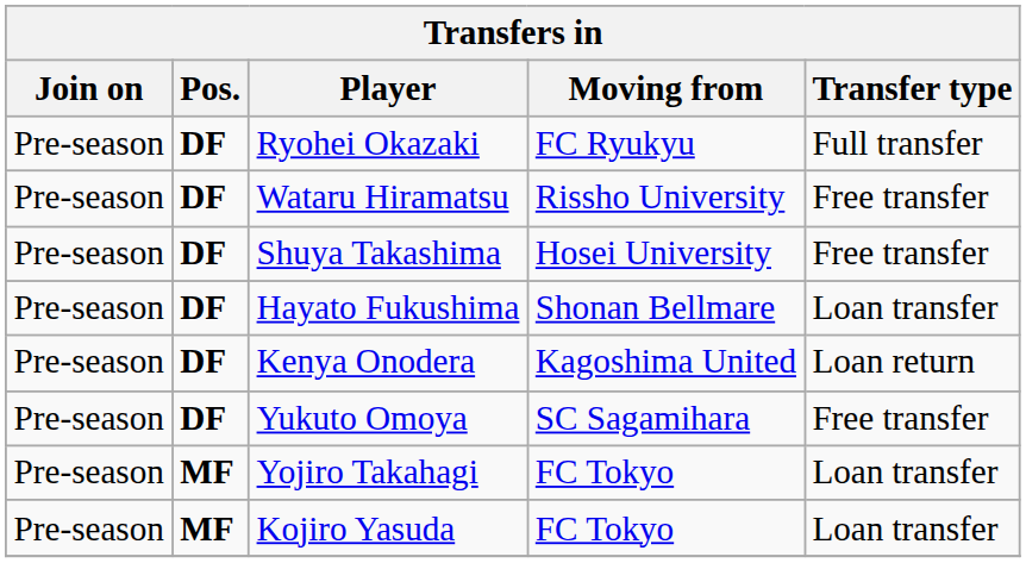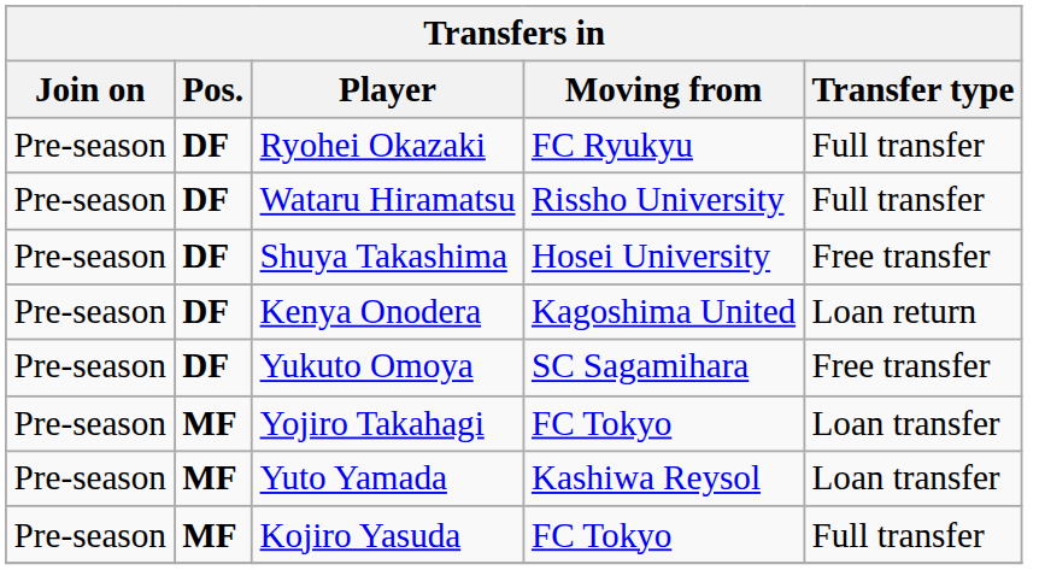 <table class="wikitable sortable" style=“text-align:left;>
 <tr>
 <th colspan="5">Transfers in</th>
 </tr>
 <tr>
 <th>Join on</th>
 <th>Pos.</th>
 <th>Player</th>
 <th>Moving from</th>
 <th>Transfer type</th>
 </tr>
 <tr>
 <td>Pre-season</td>
 <td><strong>DF</strong></td>
 <td> <a href='#'>Ryohei Okazaki</a></td>
 <td> <a href='#'>FC Ryukyu</a></td>
 <td>Full transfer</td>
 </tr>
 <tr>
 <td>Pre-season</td>
 <td><strong>DF</strong></td>
 <td> <a href='#'>Wataru Hiramatsu</a></td>
 <td> <a href='#'>Rissho University</a></td>
-<td>Free transfer</td>
+<td>Full transfer</td>
 </tr>
 <tr>
 <td>Pre-season</td>
 <td><strong>DF</strong></td>
 <td> <a href='#'>Shuya Takashima</a></td>
 <td> <a href='#'>Hosei University</a></td>
 <td>Free transfer</td>
-</tr>
-<tr>
-<td>Pre-season</td>
-<td><strong>DF</strong></td>
-<td> <a href='#'>Hayato Fukushima</a></td>
-<td> <a href='#'>Shonan Bellmare</a></td>
-<td>Loan transfer</td>
 </tr>
 <tr>
 <td>Pre-season</td>
 <td><strong>DF</strong></td>
 <td> <a href='#'>Kenya Onodera</a></td>
 <td> <a href='#'>Kagoshima United</a></td>
 <td>Loan return</td>
 </tr>
 <tr>
 <td>Pre-season</td>
 <td><strong>DF</strong></td>
 <td> <a href='#'>Yukuto Omoya</a></td>
 <td> <a href='#'>SC Sagamihara</a></td>
 <td>Free transfer</td>
 </tr>
 <tr>
 <td>Pre-season</td>
 <td><strong>MF</strong></td>
 <td> <a href='#'>Yojiro Takahagi</a></td>
 <td> <a href='#'>FC Tokyo</a></td>
 <td>Loan transfer</td>
 </tr>
 <tr>
 <td>Pre-season</td>
 <td><strong>MF</strong></td>
+<td> <a href='#'>Yuto Yamada</a></td>
+<td> <a href='#'>Kashiwa Reysol</a></td>
+<td>Loan transfer</td>
+</tr>
+<tr>
+<td>Pre-season</td>
+<td><strong>MF</strong></td>
 <td> <a href='#'>Kojiro Yasuda</a></td>
 <td> <a href='#'>FC Tokyo</a></td>
-<td>Loan transfer</td>
+<td>Full transfer</td>
 </tr>
 <tr>
 </tr>
 </table>
